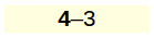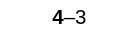 <table style="text-align:center">
 <tr>
 <th width=223></th>
 <th width=100></th>
 <th width=223></th>
 </tr>
 <tr>
 <td align=right><strong></strong></td>
-<td style="background: lightyellow;"><strong>4</strong>–3</td>
+<td><strong>4</strong>–3</td>
 <td align=left></td>
 </tr>
 </table>
